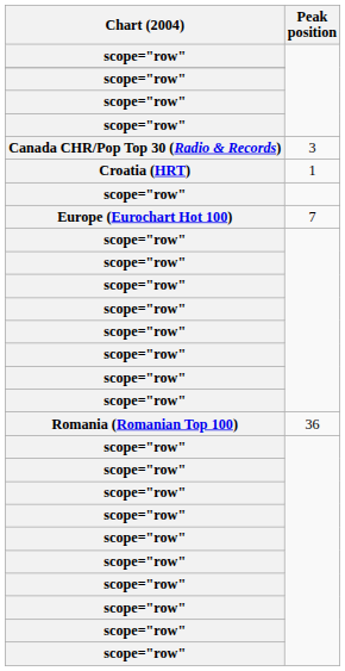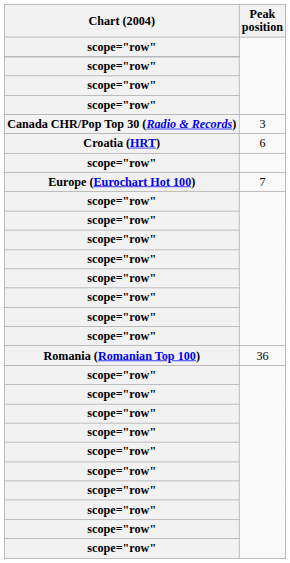 <table class="wikitable sortable plainrowheaders" style="text-align:center">
 <tr>
 <th>Chart (2004)</th>
 <th>Peak<br>position</th>
 </tr>
 <tr>
 <th>scope="row" </th>
 </tr>
 <tr>
 </tr>
 <tr>
 <th>scope="row" </th>
 </tr>
 <tr>
 <th>scope="row" </th>
 </tr>
 <tr>
 <th>scope="row" </th>
 </tr>
 <tr>
 <th scope="row">Canada CHR/Pop Top 30 (<em><a href='#'>Radio & Records</a></em>)</th>
 <td>3</td>
 </tr>
 <tr>
 <th scope="row">Croatia (<a href='#'>HRT</a>)</th>
-<td>1</td>
+<td>6</td>
 </tr>
 <tr>
 <th>scope="row" </th>
 </tr>
 <tr>
 <th scope="row">Europe (<a href='#'>Eurochart Hot 100</a>)</th>
 <td>7</td>
 </tr>
 <tr>
 <th>scope="row" </th>
 </tr>
 <tr>
 <th>scope="row" </th>
 </tr>
 <tr>
 <th>scope="row" </th>
 </tr>
 <tr>
 <th>scope="row" </th>
 </tr>
 <tr>
 <th>scope="row" </th>
 </tr>
 <tr>
 <th>scope="row" </th>
 </tr>
 <tr>
 <th>scope="row" </th>
 </tr>
 <tr>
 <th>scope="row" </th>
 </tr>
 <tr>
 <th scope="row">Romania (<a href='#'>Romanian Top 100</a>)</th>
 <td>36</td>
 </tr>
 <tr>
 <th>scope="row" </th>
 </tr>
 <tr>
 <th>scope="row" </th>
 </tr>
 <tr>
 <th>scope="row" </th>
 </tr>
 <tr>
 <th>scope="row" </th>
 </tr>
 <tr>
 <th>scope="row" </th>
 </tr>
 <tr>
 <th>scope="row" </th>
 </tr>
 <tr>
 <th>scope="row" </th>
 </tr>
 <tr>
 <th>scope="row" </th>
 </tr>
 <tr>
 <th>scope="row" </th>
 </tr>
 <tr>
 <th>scope="row" </th>
 </tr>
 </table>
